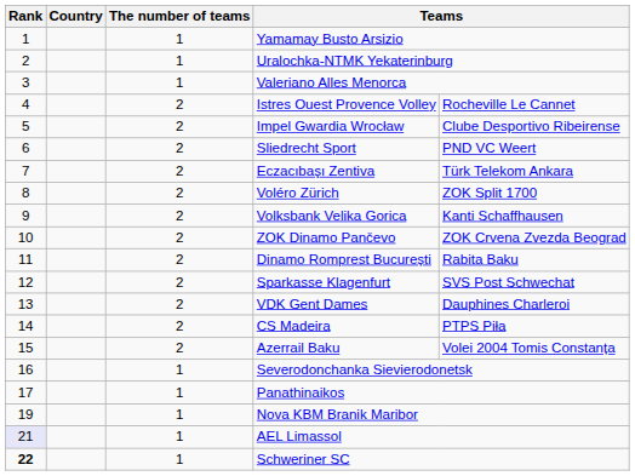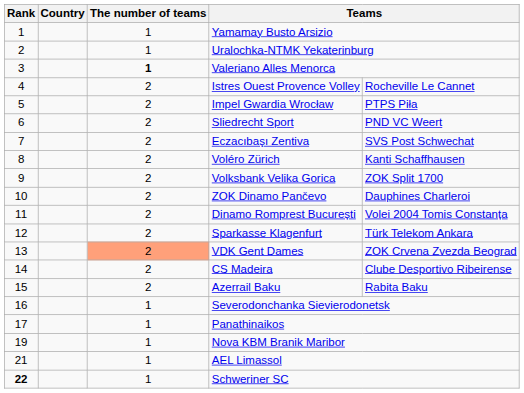 <table class="wikitable" style="text-align:left">
 <tr>
 <th>Rank</th>
 <th>Country</th>
 <th>The number of teams</th>
 <th colspan=2>Teams</th>
 </tr>
 <tr>
 <td align="center">1</td>
 <td></td>
 <td align="center">1</td>
 <td colspan=2><a href='#'>Yamamay Busto Arsizio</a></td>
 </tr>
 <tr>
 <td align="center">2</td>
 <td></td>
 <td align="center">1</td>
 <td colspan=2><a href='#'>Uralochka-NTMK Yekaterinburg</a></td>
 </tr>
 <tr>
 <td align="center">3</td>
 <td></td>
-<td align="center">1</td>
+<td align="center"><strong>1</strong></td>
 <td colspan=2><a href='#'>Valeriano Alles Menorca</a></td>
 </tr>
 <tr>
 <td align="center">4</td>
 <td></td>
 <td align="center">2</td>
 <td><a href='#'>Istres Ouest Provence Volley</a></td>
 <td><a href='#'>Rocheville Le Cannet</a></td>
 </tr>
 <tr>
 <td align="center">5</td>
 <td></td>
 <td align="center">2</td>
 <td><a href='#'>Impel Gwardia Wrocław</a></td>
-<td><a href='#'>Clube Desportivo Ribeirense</a></td>
+<td><a href='#'>PTPS Piła</a></td>
 </tr>
 <tr>
 <td align="center">6</td>
 <td></td>
 <td align="center">2</td>
 <td><a href='#'>Sliedrecht Sport</a></td>
 <td><a href='#'>PND VC Weert</a></td>
 </tr>
 <tr>
 <td align="center">7</td>
 <td></td>
 <td align="center">2</td>
 <td><a href='#'>Eczacıbaşı Zentiva</a></td>
-<td><a href='#'>Türk Telekom Ankara</a></td>
+<td><a href='#'>SVS Post Schwechat</a></td>
 </tr>
 <tr>
 <td align="center">8</td>
 <td></td>
 <td align="center">2</td>
 <td><a href='#'>Voléro Zürich</a></td>
-<td><a href='#'>ZOK Split 1700</a></td>
+<td><a href='#'>Kanti Schaffhausen</a></td>
 </tr>
 <tr>
 <td align="center">9</td>
 <td></td>
 <td align="center">2</td>
 <td><a href='#'>Volksbank Velika Gorica</a></td>
-<td><a href='#'>Kanti Schaffhausen</a></td>
+<td><a href='#'>ZOK Split 1700</a></td>
 </tr>
 <tr>
 <td align="center">10</td>
 <td></td>
 <td align="center">2</td>
 <td><a href='#'>ZOK Dinamo Pančevo</a></td>
-<td><a href='#'>ZOK Crvena Zvezda Beograd</a></td>
+<td><a href='#'>Dauphines Charleroi</a></td>
 </tr>
 <tr>
 <td align="center">11</td>
 <td></td>
 <td align="center">2</td>
 <td><a href='#'>Dinamo Romprest București</a></td>
-<td><a href='#'>Rabita Baku</a></td>
+<td><a href='#'>Volei 2004 Tomis Constanța</a></td>
 </tr>
 <tr>
 <td align="center">12</td>
 <td></td>
 <td align="center">2</td>
 <td><a href='#'>Sparkasse Klagenfurt</a></td>
-<td><a href='#'>SVS Post Schwechat</a></td>
+<td><a href='#'>Türk Telekom Ankara</a></td>
 </tr>
 <tr>
 <td align="center">13</td>
 <td></td>
-<td align="center">2</td>
+<td align="center" style="background: lightsalmon;">2</td>
 <td><a href='#'>VDK Gent Dames</a></td>
-<td><a href='#'>Dauphines Charleroi</a></td>
+<td><a href='#'>ZOK Crvena Zvezda Beograd</a></td>
 </tr>
 <tr>
 <td align="center">14</td>
 <td></td>
 <td align="center">2</td>
 <td><a href='#'>CS Madeira</a></td>
-<td><a href='#'>PTPS Piła</a></td>
+<td><a href='#'>Clube Desportivo Ribeirense</a></td>
 </tr>
 <tr>
 <td align="center">15</td>
 <td></td>
 <td align="center">2</td>
 <td><a href='#'>Azerrail Baku</a></td>
-<td><a href='#'>Volei 2004 Tomis Constanța</a></td>
+<td><a href='#'>Rabita Baku</a></td>
 </tr>
 <tr>
 <td align="center">16</td>
 <td></td>
 <td align="center">1</td>
 <td colspan=2><a href='#'>Severodonchanka Sievierodonetsk</a></td>
 </tr>
 <tr>
 <td align="center">17</td>
 <td></td>
 <td align="center">1</td>
 <td colspan=2><a href='#'>Panathinaikos</a></td>
 </tr>
 <tr>
 <td align="center">19</td>
 <td></td>
 <td align="center">1</td>
 <td colspan=2><a href='#'>Nova KBM Branik Maribor</a></td>
 </tr>
 <tr>
-<td align="center" style="background: lavender;">21</td>
+<td align="center">21</td>
 <td></td>
 <td align="center">1</td>
 <td colspan=2><a href='#'>AEL Limassol</a></td>
 </tr>
 <tr>
 <td align="center"><strong>22</strong></td>
 <td></td>
 <td align="center">1</td>
 <td colspan=2><a href='#'>Schweriner SC</a></td>
 </tr>
 </table>
